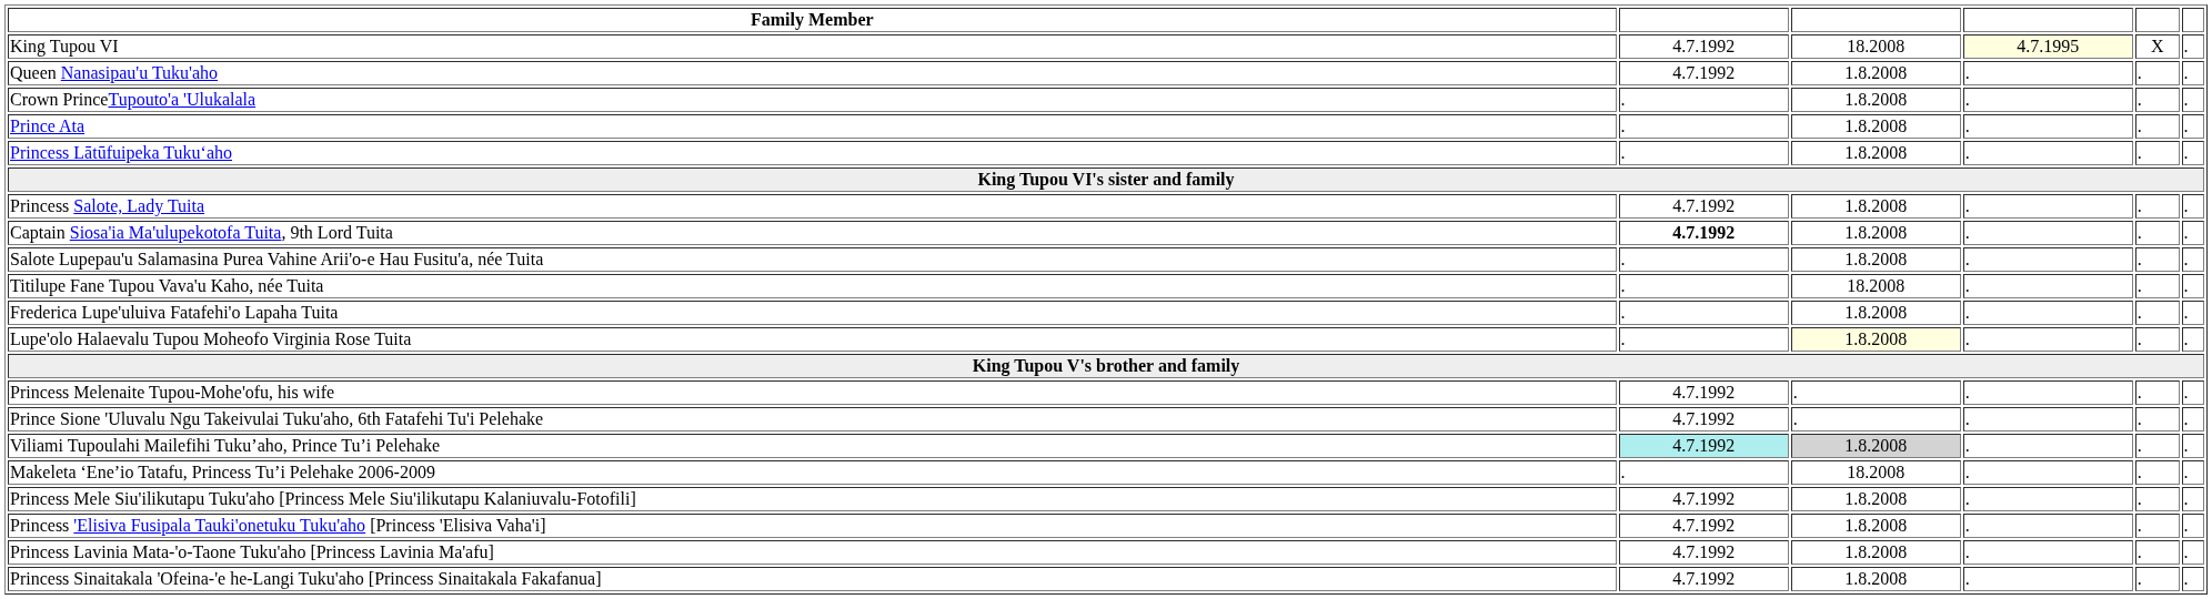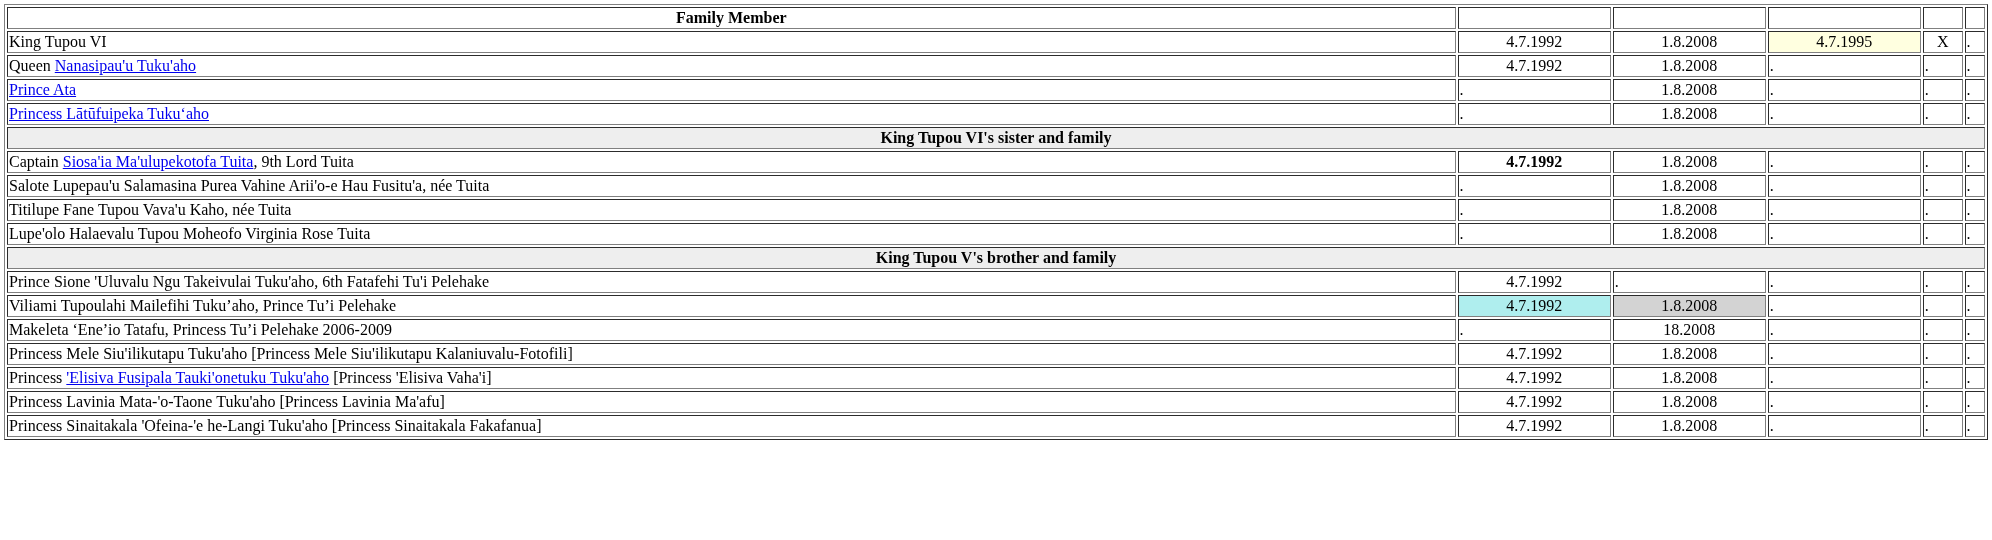 <table width="100%" style="cellpadding:3px" border="1">
 <tr>
 <th>Family Member</th>
 <th></th>
 <th></th>
 <th></th>
 <th></th>
 <th></th>
 </tr>
 <tr>
 <td>King Tupou VI</td>
 <td align=center>4.7.1992</td>
-<td align=center>18.2008 </td>
+<td align=center>1.8.2008</td>
 <td align=center style="background: lightyellow;">4.7.1995</td>
 <td align=center>X</td>
 <td>.</td>
 </tr>
 <tr>
 <td>Queen <a href='#'>Nanasipau'u Tuku'aho</a></td>
 <td align=center>4.7.1992</td>
-<td align=center>1.8.2008</td>
-<td>.</td>
-<td>.</td>
-<td>.</td>
-</tr>
-<tr>
-<td>Crown Prince<a href='#'>Tupouto'a 'Ulukalala</a></td>
-<td>.</td>
 <td align=center>1.8.2008</td>
 <td>.</td>
 <td>.</td>
 <td>.</td>
 </tr>
 <tr>
 <td><a href='#'>Prince Ata</a></td>
 <td>.</td>
 <td align=center>1.8.2008</td>
 <td>.</td>
 <td>.</td>
 <td>.</td>
 </tr>
 <tr>
 <td><a href='#'>Princess Lātūfuipeka Tukuʻaho</a></td>
 <td>.</td>
 <td align=center>1.8.2008</td>
 <td>.</td>
 <td>.</td>
 <td>.</td>
 </tr>
 <tr>
 <th style="background-color:#eeeeee" colspan=6>King Tupou VI's sister and family</th>
 </tr>
 <tr>
-<td>Princess <a href='#'>Salote, Lady Tuita</a></td>
-<td align=center>4.7.1992</td>
-<td align=center>1.8.2008</td>
-<td>.</td>
-<td>.</td>
-<td>.</td>
-</tr>
-<tr>
 <td>Captain <a href='#'>Siosa'ia Ma'ulupekotofa Tuita</a>, 9th Lord Tuita</td>
 <td align=center><strong>4.7.1992 </strong></td>
 <td align=center>1.8.2008</td>
 <td>.</td>
 <td>.</td>
 <td>.</td>
 </tr>
 <tr>
 <td>Salote Lupepau'u Salamasina Purea Vahine Arii'o-e Hau Fusitu'a, née Tuita</td>
 <td>.</td>
 <td align=center>1.8.2008 </td>
 <td>.</td>
 <td>.</td>
 <td>.</td>
 </tr>
 <tr>
 <td>Titilupe Fane Tupou Vava'u Kaho, née Tuita</td>
 <td>.</td>
-<td align=center>18.2008 </td>
-<td>.</td>
-<td>.</td>
-<td>.</td>
-</tr>
-<tr>
-<td>Frederica Lupe'uluiva Fatafehi'o Lapaha Tuita</td>
-<td>.</td>
 <td align=center>1.8.2008 </td>
 <td>.</td>
 <td>.</td>
 <td>.</td>
 </tr>
 <tr>
 <td>Lupe'olo Halaevalu Tupou Moheofo Virginia Rose Tuita</td>
 <td>.</td>
-<td align=center style="background: lightyellow;">1.8.2008 </td>
+<td align=center>1.8.2008 </td>
 <td>.</td>
 <td>.</td>
 <td>.</td>
 </tr>
 <tr>
 <th style="background-color:#eeeeee" colspan=6>King Tupou V's brother and family</th>
-</tr>
-<tr>
-<td>Princess Melenaite Tupou-Mohe'ofu, his wife</td>
-<td align=center>4.7.1992</td>
-<td>.</td>
-<td>.</td>
-<td>.</td>
-<td>.</td>
 </tr>
 <tr>
 <td>Prince Sione 'Uluvalu Ngu Takeivulai Tuku'aho, 6th Fatafehi Tu'i Pelehake</td>
 <td align=center>4.7.1992</td>
 <td>.</td>
 <td>.</td>
 <td>.</td>
 <td>.</td>
 </tr>
 <tr>
 <td>Viliami Tupoulahi Mailefihi Tuku’aho, Prince Tu’i Pelehake</td>
 <td align=center style="background: paleturquoise;">4.7.1992</td>
 <td align=center style="background: lightgrey;">1.8.2008</td>
 <td>.</td>
 <td>.</td>
 <td>.</td>
 </tr>
 <tr>
 <td>Makeleta ‘Ene’io Tatafu, Princess Tu’i Pelehake 2006-2009</td>
 <td>.</td>
 <td align=center>18.2008 </td>
 <td>.</td>
 <td>.</td>
 <td>.</td>
 </tr>
 <tr>
 <td>Princess Mele Siu'ilikutapu Tuku'aho [Princess Mele Siu'ilikutapu Kalaniuvalu-Fotofili]</td>
 <td align=center>4.7.1992</td>
 <td align=center>1.8.2008</td>
 <td>.</td>
 <td>.</td>
 <td>.</td>
 </tr>
 <tr>
 <td>Princess <a href='#'>'Elisiva Fusipala Tauki'onetuku Tuku'aho</a> [Princess 'Elisiva Vaha'i]</td>
 <td align=center>4.7.1992</td>
 <td align=center>1.8.2008</td>
 <td>.</td>
 <td>.</td>
 <td>.</td>
 </tr>
 <tr>
 <td>Princess Lavinia Mata-'o-Taone Tuku'aho [Princess Lavinia Ma'afu]</td>
 <td align=center>4.7.1992</td>
 <td align=center>1.8.2008</td>
 <td>.</td>
 <td>.</td>
 <td>.</td>
 </tr>
 <tr>
 <td>Princess Sinaitakala 'Ofeina-'e he-Langi Tuku'aho [Princess Sinaitakala Fakafanua]</td>
 <td align=center>4.7.1992</td>
 <td align=center>1.8.2008</td>
 <td>.</td>
 <td>.</td>
 <td>.</td>
 </tr>
 </table>
